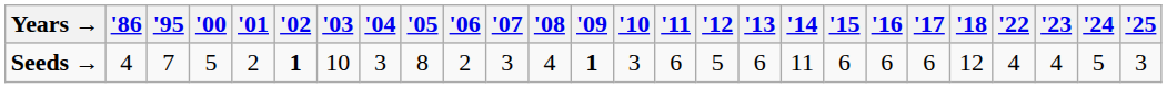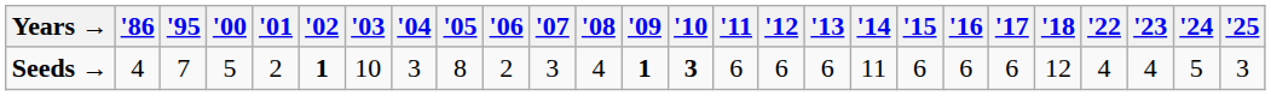 <table class="wikitable">
 <tr>
 <th>Years →</th>
 <th><a href='#'>'86</a></th>
 <th><a href='#'>'95</a></th>
 <th><a href='#'>'00</a></th>
 <th><a href='#'>'01</a></th>
 <th><a href='#'>'02</a></th>
 <th><a href='#'>'03</a></th>
 <th><a href='#'>'04</a></th>
 <th><a href='#'>'05</a></th>
 <th><a href='#'>'06</a></th>
 <th><a href='#'>'07</a></th>
 <th><a href='#'>'08</a></th>
 <th><a href='#'>'09</a></th>
 <th><a href='#'>'10</a></th>
 <th><a href='#'>'11</a></th>
 <th><a href='#'>'12</a></th>
 <th><a href='#'>'13</a></th>
 <th><a href='#'>'14</a></th>
 <th><a href='#'>'15</a></th>
 <th><a href='#'>'16</a></th>
 <th><a href='#'>'17</a></th>
 <th><a href='#'>'18</a></th>
 <th><a href='#'>'22</a></th>
 <th><a href='#'>'23</a></th>
 <th><a href='#'>'24</a></th>
 <th><a href='#'>'25</a></th>
 </tr>
 <tr align=center>
 <td style="text-align:left; "><strong>Seeds →</strong></td>
 <td>4</td>
 <td>7</td>
 <td>5</td>
 <td>2</td>
 <td><strong>1</strong></td>
 <td>10</td>
 <td>3</td>
 <td>8</td>
 <td>2</td>
 <td>3</td>
 <td>4</td>
 <td><strong>1</strong></td>
-<td>3</td>
+<td><strong>3</strong></td>
 <td>6</td>
-<td>5</td>
+<td>6</td>
 <td>6</td>
 <td>11</td>
 <td>6</td>
 <td>6</td>
 <td>6</td>
 <td>12</td>
 <td>4</td>
 <td>4</td>
 <td>5</td>
 <td>3</td>
 </tr>
 </table>
